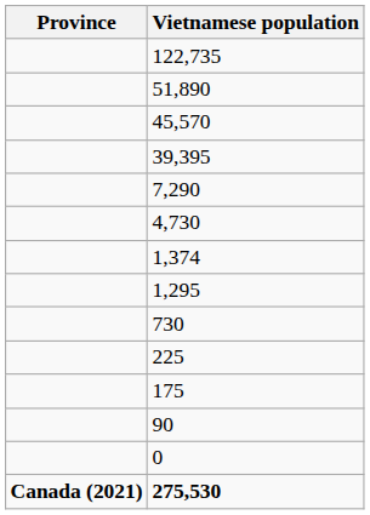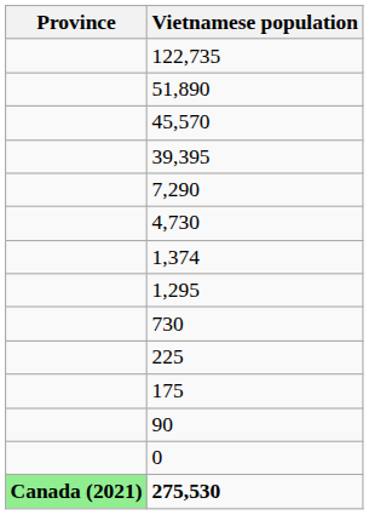 <table class="wikitable sortable">
 <tr>
 <th>Province</th>
 <th>Vietnamese population<br></th>
 </tr>
 <tr>
 <td></td>
 <td>122,735</td>
 </tr>
 <tr>
 <td></td>
 <td>51,890</td>
 </tr>
 <tr>
 <td></td>
 <td>45,570</td>
 </tr>
 <tr>
 <td></td>
 <td>39,395</td>
 </tr>
 <tr>
 <td></td>
 <td>7,290</td>
 </tr>
 <tr>
 <td></td>
 <td>4,730</td>
 </tr>
 <tr>
 <td></td>
 <td>1,374</td>
 </tr>
 <tr>
 <td></td>
 <td>1,295</td>
 </tr>
 <tr>
 <td></td>
 <td>730</td>
 </tr>
 <tr>
 <td></td>
 <td>225</td>
 </tr>
 <tr>
 <td></td>
 <td>175</td>
 </tr>
 <tr>
 <td></td>
 <td>90</td>
 </tr>
 <tr>
 <td></td>
 <td>0</td>
 </tr>
 <tr>
-<td><strong> Canada (2021)</strong></td>
+<td style="background: lightgreen;"><strong> Canada (2021)</strong></td>
 <td><strong>275,530</strong></td>
 </tr>
 </table>
